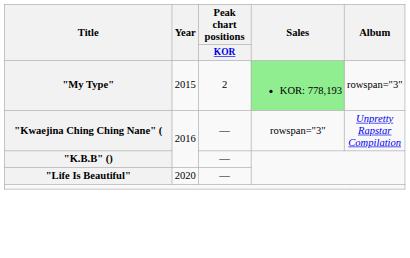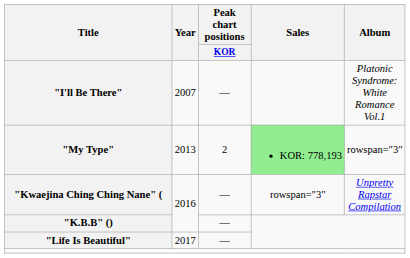 <table class="wikitable plainrowheaders" style="text-align:center;">
 <tr>
 <th scope="col" rowspan="2" style="width:22em;">Title</th>
 <th scope="col" rowspan="2">Year</th>
 <th scope="col" colspan="1" style="width:5em;">Peak chart positions</th>
 <th scope="col" rowspan="2" style="width:10em;">Sales</th>
 <th scope="col" rowspan="2">Album</th>
 </tr>
 <tr>
 <th scope="col" style="width:3em;font-size:90%;"><a href='#'>KOR</a><br></th>
 </tr>
 <tr>
+<th scope="row">"I'll Be There" </th>
+<td>2007</td>
+<td>—</td>
+<td></td>
+<td><em>Platonic Syndrome: White Romance Vol.1</em></td>
+</tr>
+<tr>
 <th scope="row">"My Type" </th>
-<td>2015</td>
+<td>2013</td>
 <td>2</td>
 <td style="background: lightgreen;"><br><ul><li>KOR: 778,193</li></ul></td>
 <td>rowspan="3" </td>
 </tr>
 <tr>
 <th scope="row">"Kwaejina Ching Ching Nane" ( </th>
 <td rowspan="2">2016</td>
 <td>—</td>
 <td>rowspan="3" </td>
 <td><em><a href='#'>Unpretty Rapstar Compilation</a></em></td>
 </tr>
 <tr>
 <th scope="row">"K.B.B" () </th>
 <td>—</td>
 </tr>
 <tr>
 <th scope="row">"Life Is Beautiful" </th>
-<td>2020</td>
+<td>2017</td>
 <td>—</td>
 </tr>
 <tr>
 <td colspan="5"></td>
 </tr>
 </table>
